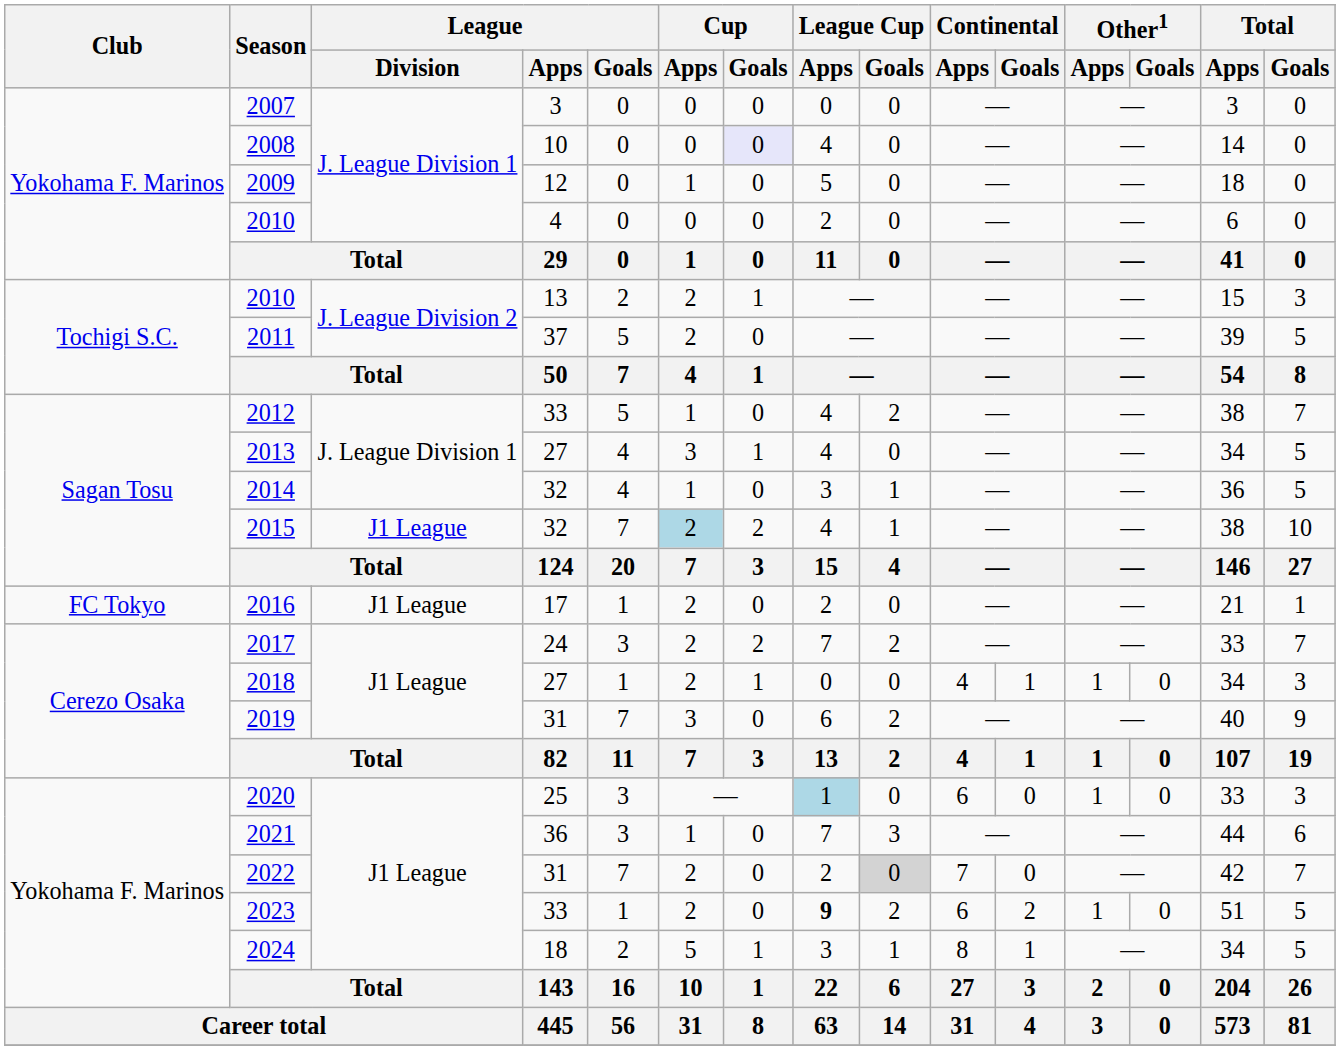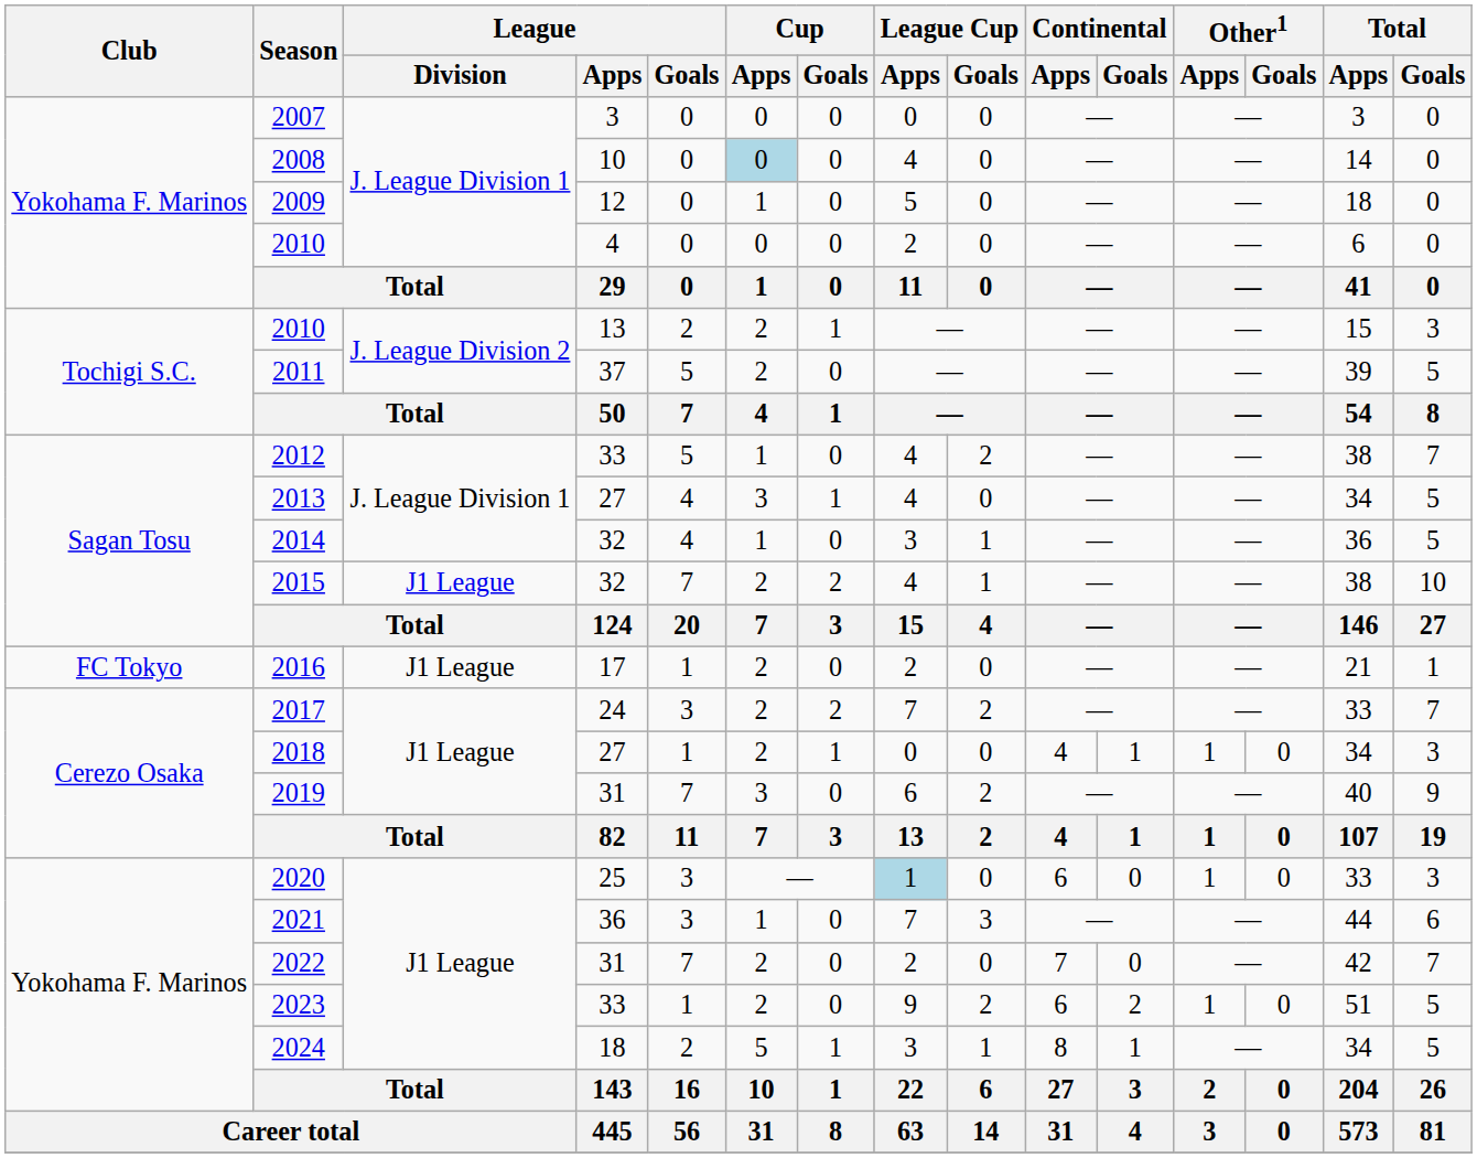 <table class="wikitable" style="text-align:center;">
 <tr>
 <th rowspan="2">Club</th>
 <th rowspan="2">Season</th>
 <th colspan="3">League</th>
 <th colspan="2">Cup</th>
 <th colspan="2">League Cup</th>
 <th colspan="2">Continental</th>
 <th colspan="2">Other<sup>1</sup></th>
 <th colspan="2">Total</th>
 </tr>
 <tr>
 <th>Division</th>
 <th>Apps</th>
 <th>Goals</th>
 <th>Apps</th>
 <th>Goals</th>
 <th>Apps</th>
 <th>Goals</th>
 <th>Apps</th>
 <th>Goals</th>
 <th>Apps</th>
 <th>Goals</th>
 <th>Apps</th>
 <th>Goals</th>
 </tr>
 <tr>
 <td rowspan="5"><a href='#'>Yokohama F. Marinos</a></td>
 <td><a href='#'>2007</a></td>
 <td rowspan="4"><a href='#'>J. League Division 1</a></td>
 <td>3</td>
 <td>0</td>
 <td>0</td>
 <td>0</td>
 <td>0</td>
 <td>0</td>
 <td colspan="2">—</td>
 <td colspan="2">—</td>
 <td>3</td>
 <td>0</td>
 </tr>
 <tr>
 <td><a href='#'>2008</a></td>
 <td>10</td>
 <td>0</td>
+<td style="background: lightblue;">0</td>
 <td>0</td>
-<td style="background: lavender;">0</td>
 <td>4</td>
 <td>0</td>
 <td colspan="2">—</td>
 <td colspan="2">—</td>
 <td>14</td>
 <td>0</td>
 </tr>
 <tr>
 <td><a href='#'>2009</a></td>
 <td>12</td>
 <td>0</td>
 <td>1</td>
 <td>0</td>
 <td>5</td>
 <td>0</td>
 <td colspan="2">—</td>
 <td colspan="2">—</td>
 <td>18</td>
 <td>0</td>
 </tr>
 <tr>
 <td><a href='#'>2010</a></td>
 <td>4</td>
 <td>0</td>
 <td>0</td>
 <td>0</td>
 <td>2</td>
 <td>0</td>
 <td colspan="2">—</td>
 <td colspan="2">—</td>
 <td>6</td>
 <td>0</td>
 </tr>
 <tr>
 <th colspan="2">Total</th>
 <th>29</th>
 <th>0</th>
 <th>1</th>
 <th>0</th>
 <th>11</th>
 <th>0</th>
 <th colspan="2">—</th>
 <th colspan="2">—</th>
 <th>41</th>
 <th>0</th>
 </tr>
 <tr>
 <td rowspan="3"><a href='#'>Tochigi S.C.</a></td>
 <td><a href='#'>2010</a></td>
 <td rowspan="2"><a href='#'>J. League Division 2</a></td>
 <td>13</td>
 <td>2</td>
 <td>2</td>
 <td>1</td>
 <td colspan="2">—</td>
 <td colspan="2">—</td>
 <td colspan="2">—</td>
 <td>15</td>
 <td>3</td>
 </tr>
 <tr>
 <td><a href='#'>2011</a></td>
 <td>37</td>
 <td>5</td>
 <td>2</td>
 <td>0</td>
 <td colspan="2">—</td>
 <td colspan="2">—</td>
 <td colspan="2">—</td>
 <td>39</td>
 <td>5</td>
 </tr>
 <tr>
 <th colspan="2">Total</th>
 <th>50</th>
 <th>7</th>
 <th>4</th>
 <th>1</th>
 <th colspan="2">—</th>
 <th colspan="2">—</th>
 <th colspan="2">—</th>
 <th>54</th>
 <th>8</th>
 </tr>
 <tr>
 <td rowspan="5"><a href='#'>Sagan Tosu</a></td>
 <td><a href='#'>2012</a></td>
 <td rowspan="3">J. League Division 1</td>
 <td>33</td>
 <td>5</td>
 <td>1</td>
 <td>0</td>
 <td>4</td>
 <td>2</td>
 <td colspan="2">—</td>
 <td colspan="2">—</td>
 <td>38</td>
 <td>7</td>
 </tr>
 <tr>
 <td><a href='#'>2013</a></td>
 <td>27</td>
 <td>4</td>
 <td>3</td>
 <td>1</td>
 <td>4</td>
 <td>0</td>
 <td colspan="2">—</td>
 <td colspan="2">—</td>
 <td>34</td>
 <td>5</td>
 </tr>
 <tr>
 <td><a href='#'>2014</a></td>
 <td>32</td>
 <td>4</td>
 <td>1</td>
 <td>0</td>
 <td>3</td>
 <td>1</td>
 <td colspan="2">—</td>
 <td colspan="2">—</td>
 <td>36</td>
 <td>5</td>
 </tr>
 <tr>
 <td><a href='#'>2015</a></td>
 <td><a href='#'>J1 League</a></td>
 <td>32</td>
 <td>7</td>
-<td style="background: lightblue;">2</td>
+<td>2</td>
 <td>2</td>
 <td>4</td>
 <td>1</td>
 <td colspan="2">—</td>
 <td colspan="2">—</td>
 <td>38</td>
 <td>10</td>
 </tr>
 <tr>
 <th colspan="2">Total</th>
 <th>124</th>
 <th>20</th>
 <th>7</th>
 <th>3</th>
 <th>15</th>
 <th>4</th>
 <th colspan="2">—</th>
 <th colspan="2">—</th>
 <th>146</th>
 <th>27</th>
 </tr>
 <tr>
 <td><a href='#'>FC Tokyo</a></td>
 <td><a href='#'>2016</a></td>
 <td>J1 League</td>
 <td>17</td>
 <td>1</td>
 <td>2</td>
 <td>0</td>
 <td>2</td>
 <td>0</td>
 <td colspan="2">—</td>
 <td colspan="2">—</td>
 <td>21</td>
 <td>1</td>
 </tr>
 <tr>
 <td rowspan="4"><a href='#'>Cerezo Osaka</a></td>
 <td><a href='#'>2017</a></td>
 <td rowspan="3">J1 League</td>
 <td>24</td>
 <td>3</td>
 <td>2</td>
 <td>2</td>
 <td>7</td>
 <td>2</td>
 <td colspan="2">—</td>
 <td colspan="2">—</td>
 <td>33</td>
 <td>7</td>
 </tr>
 <tr>
 <td><a href='#'>2018</a></td>
 <td>27</td>
 <td>1</td>
 <td>2</td>
 <td>1</td>
 <td>0</td>
 <td>0</td>
 <td>4</td>
 <td>1</td>
 <td>1</td>
 <td>0</td>
 <td>34</td>
 <td>3</td>
 </tr>
 <tr>
 <td><a href='#'>2019</a></td>
 <td>31</td>
 <td>7</td>
 <td>3</td>
 <td>0</td>
 <td>6</td>
 <td>2</td>
 <td colspan="2">—</td>
 <td colspan="2">—</td>
 <td>40</td>
 <td>9</td>
 </tr>
 <tr>
 <th colspan="2">Total</th>
 <th>82</th>
 <th>11</th>
 <th>7</th>
 <th>3</th>
 <th>13</th>
 <th>2</th>
 <th>4</th>
 <th>1</th>
 <th>1</th>
 <th>0</th>
 <th>107</th>
 <th>19</th>
 </tr>
 <tr>
 <td rowspan="6">Yokohama F. Marinos</td>
 <td><a href='#'>2020</a></td>
 <td rowspan="5">J1 League</td>
 <td>25</td>
 <td>3</td>
 <td colspan="2">—</td>
 <td style="background: lightblue;">1</td>
 <td>0</td>
 <td>6</td>
 <td>0</td>
 <td>1</td>
 <td>0</td>
 <td>33</td>
 <td>3</td>
 </tr>
 <tr>
 <td><a href='#'>2021</a></td>
 <td>36</td>
 <td>3</td>
 <td>1</td>
 <td>0</td>
 <td>7</td>
 <td>3</td>
 <td colspan="2">—</td>
 <td colspan="2">—</td>
 <td>44</td>
 <td>6</td>
 </tr>
 <tr>
 <td><a href='#'>2022</a></td>
 <td>31</td>
 <td>7</td>
 <td>2</td>
 <td>0</td>
 <td>2</td>
-<td style="background: lightgrey;">0</td>
+<td>0</td>
 <td>7</td>
 <td>0</td>
 <td colspan="2">—</td>
 <td>42</td>
 <td>7</td>
 </tr>
 <tr>
 <td><a href='#'>2023</a></td>
 <td>33</td>
 <td>1</td>
 <td>2</td>
 <td>0</td>
-<td><strong>9</strong></td>
+<td>9</td>
 <td>2</td>
 <td>6</td>
 <td>2</td>
 <td>1</td>
 <td>0</td>
 <td>51</td>
 <td>5</td>
 </tr>
 <tr>
 <td><a href='#'>2024</a></td>
 <td>18</td>
 <td>2</td>
 <td>5</td>
 <td>1</td>
 <td>3</td>
 <td>1</td>
 <td>8</td>
 <td>1</td>
 <td colspan="2">—</td>
 <td>34</td>
 <td>5</td>
 </tr>
 <tr>
 <th colspan="2">Total</th>
 <th>143</th>
 <th>16</th>
 <th>10</th>
 <th>1</th>
 <th>22</th>
 <th>6</th>
 <th>27</th>
 <th>3</th>
 <th>2</th>
 <th>0</th>
 <th>204</th>
 <th>26</th>
 </tr>
 <tr>
 <th colspan="3">Career total</th>
 <th>445</th>
 <th>56</th>
 <th>31</th>
 <th>8</th>
 <th>63</th>
 <th>14</th>
 <th>31</th>
 <th>4</th>
 <th>3</th>
 <th>0</th>
 <th>573</th>
 <th>81</th>
 </tr>
 <tr>
 </tr>
 </table>
